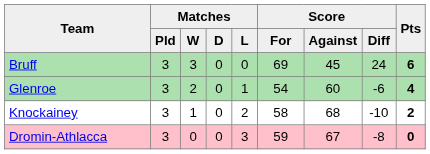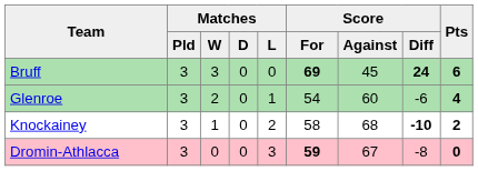 <table style=border-collapse:collapse border=1 cellspacing=0 cellpadding=5>
 <tr align=center bgcolor=#efefef>
 <th rowspan=2 width=165>Team</th>
 <th colspan=4>Matches</th>
 <th colspan=3>Score</th>
 <th rowspan=2width=20>Pts</th>
 </tr>
 <tr align=center bgcolor=#efefef>
 <th width=20>Pld</th>
 <th width=20>W</th>
 <th width=20>D</th>
 <th width=20>L</th>
 <th width=45>For</th>
 <th width=45>Against</th>
 <th width=30>Diff</th>
 </tr>
 <tr align=center  style="background:#ACE1AF;">
 <td style="text-align:left;"><a href='#'>Bruff</a></td>
 <td>3</td>
 <td>3</td>
 <td>0</td>
 <td>0</td>
-<td>69</td>
+<td><strong>69</strong></td>
 <td>45</td>
-<td>24</td>
+<td><strong>24</strong></td>
 <td><strong>6</strong></td>
 </tr>
 <tr align=center  style="background:#ACE1AF;">
 <td style="text-align:left;"><a href='#'>Glenroe</a></td>
 <td>3</td>
 <td>2</td>
 <td>0</td>
 <td>1</td>
 <td>54</td>
 <td>60</td>
 <td>-6</td>
 <td><strong>4</strong></td>
 </tr>
 <tr align=center>
 <td style="text-align:left;"><a href='#'>Knockainey</a></td>
 <td>3</td>
 <td>1</td>
 <td>0</td>
 <td>2</td>
 <td>58</td>
 <td>68</td>
-<td>-10</td>
+<td><strong>-10</strong></td>
 <td><strong>2</strong></td>
 </tr>
 <tr align=center style="background:#FFC0CB;">
 <td style="text-align:left;"><a href='#'>Dromin-Athlacca</a></td>
 <td>3</td>
 <td>0</td>
 <td>0</td>
 <td>3</td>
-<td>59</td>
+<td><strong>59</strong></td>
 <td>67</td>
 <td>-8</td>
 <td><strong>0</strong></td>
 </tr>
 </table>
